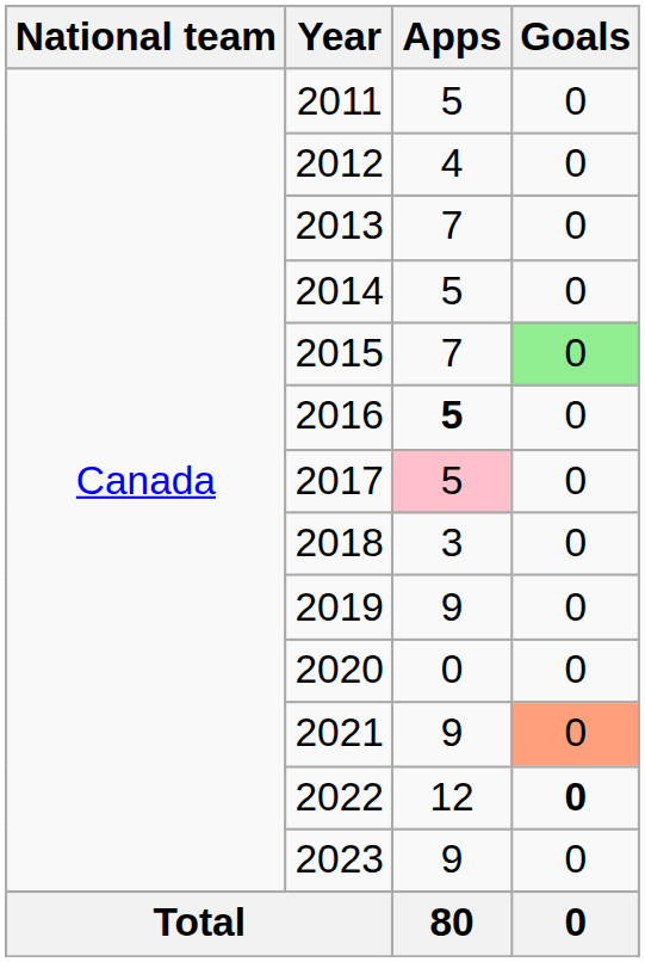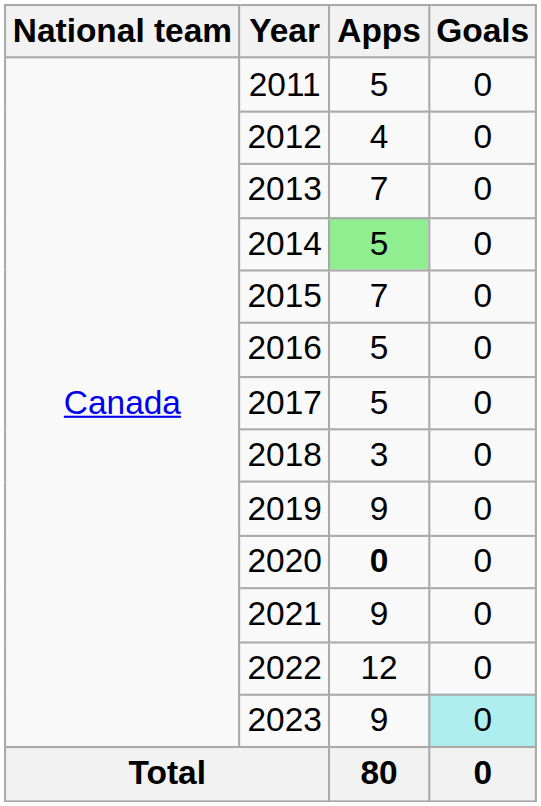 <table class="wikitable" style="text-align:center">
 <tr>
 <th>National team</th>
 <th>Year</th>
 <th>Apps</th>
 <th>Goals</th>
 </tr>
 <tr>
 <td rowspan="13"><a href='#'>Canada</a></td>
 <td>2011</td>
 <td>5</td>
 <td>0</td>
 </tr>
 <tr>
 <td>2012</td>
 <td>4</td>
 <td>0</td>
 </tr>
 <tr>
 <td>2013</td>
 <td>7</td>
 <td>0</td>
 </tr>
 <tr>
 <td>2014</td>
-<td>5</td>
+<td style="background: lightgreen;">5</td>
 <td>0</td>
 </tr>
 <tr>
 <td>2015</td>
 <td>7</td>
-<td style="background: lightgreen;">0</td>
+<td>0</td>
 </tr>
 <tr>
 <td>2016</td>
-<td><strong>5</strong></td>
+<td>5</td>
 <td>0</td>
 </tr>
 <tr>
 <td>2017</td>
-<td style="background: pink;">5</td>
+<td>5</td>
 <td>0</td>
 </tr>
 <tr>
 <td>2018</td>
 <td>3</td>
 <td>0</td>
 </tr>
 <tr>
 <td>2019</td>
 <td>9</td>
 <td>0</td>
 </tr>
 <tr>
 <td>2020</td>
-<td>0</td>
+<td><strong>0</strong></td>
 <td>0</td>
 </tr>
 <tr>
 <td>2021</td>
 <td>9</td>
-<td style="background: lightsalmon;">0</td>
+<td>0</td>
 </tr>
 <tr>
 <td>2022</td>
 <td>12</td>
-<td><strong>0</strong></td>
+<td>0</td>
 </tr>
 <tr>
 <td>2023</td>
 <td>9</td>
-<td>0</td>
+<td style="background: paleturquoise;">0</td>
 </tr>
 <tr>
 <th colspan="2">Total</th>
 <th>80</th>
 <th>0</th>
 </tr>
 </table>
